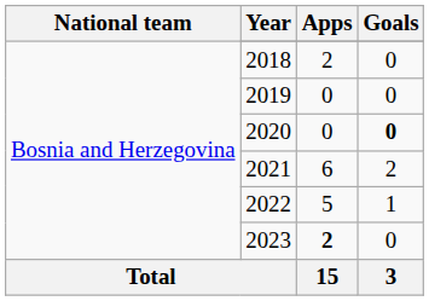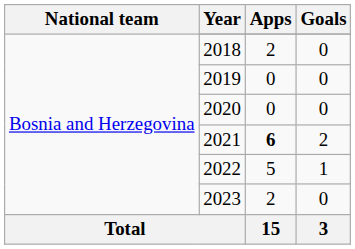 <table class=wikitable style="text-align: center">
 <tr>
 <th>National team</th>
 <th>Year</th>
 <th>Apps</th>
 <th>Goals</th>
 </tr>
 <tr>
 <td rowspan=7><a href='#'>Bosnia and Herzegovina</a></td>
 </tr>
 <tr>
 <td>2018</td>
 <td>2</td>
 <td>0</td>
 </tr>
 <tr>
 <td>2019</td>
 <td>0</td>
 <td>0</td>
 </tr>
 <tr>
 <td>2020</td>
 <td>0</td>
-<td><strong>0</strong></td>
+<td>0</td>
 </tr>
 <tr>
 <td>2021</td>
-<td>6</td>
+<td><strong>6</strong></td>
 <td>2</td>
 </tr>
 <tr>
 <td>2022</td>
 <td>5</td>
 <td>1</td>
 </tr>
 <tr>
 <td>2023</td>
-<td><strong>2</strong></td>
+<td>2</td>
 <td>0</td>
 </tr>
 <tr>
 <th colspan=2>Total</th>
 <th>15</th>
 <th>3</th>
 </tr>
 </table>
